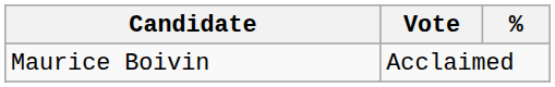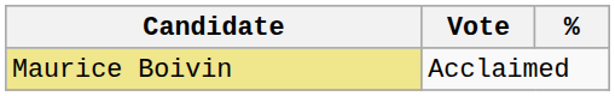 <table class="wikitable">
 <tr>
 <th bgcolor="#DDDDFF" width="200px">Candidate</th>
 <th bgcolor="#DDDDFF" width="50px">Vote</th>
 <th bgcolor="#DDDDFF" width="30px">%</th>
 </tr>
 <tr>
-<td>Maurice Boivin</td>
+<td style="background: khaki;">Maurice Boivin</td>
 <td colspan="2">Acclaimed</td>
 </tr>
 </table>
